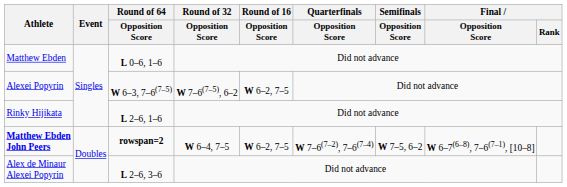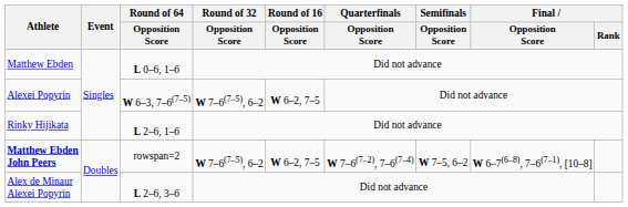 <table class=wikitable style=font-size:90%;text-align:center>
 <tr>
 <th rowspan=2>Athlete</th>
 <th rowspan=2>Event</th>
 <th>Round of 64</th>
 <th>Round of 32</th>
 <th>Round of 16</th>
 <th>Quarterfinals</th>
 <th>Semifinals</th>
 <th colspan=2>Final / </th>
 </tr>
 <tr style=font-size:95%>
 <th>Opposition<br>Score</th>
 <th>Opposition<br>Score</th>
 <th>Opposition<br>Score</th>
 <th>Opposition<br>Score</th>
 <th>Opposition<br>Score</th>
 <th>Opposition<br>Score</th>
 <th>Rank</th>
 </tr>
 <tr>
 <td align=left><a href='#'>Matthew Ebden</a></td>
 <td align=left rowspan=3><a href='#'>Singles</a></td>
 <td><br><strong>L</strong> 0–6, 1–6</td>
 <td colspan=6>Did not advance</td>
 </tr>
 <tr>
 <td align=left><a href='#'>Alexei Popyrin</a></td>
 <td><br><strong>W</strong> 6–3, 7–6<sup>(7–5)</sup></td>
 <td><br><strong>W</strong> 7–6<sup>(7–5)</sup>, 6–2</td>
 <td><br><strong>W</strong> 6–2, 7–5</td>
 <td colspan=4>Did not advance</td>
 </tr>
 <tr>
 <td align=left><a href='#'>Rinky Hijikata</a></td>
 <td><br><strong>L</strong> 2–6, 1–6</td>
 <td colspan=6>Did not advance</td>
 </tr>
 <tr>
 <td align=left><strong><a href='#'>Matthew Ebden</a><br><a href='#'>John Peers</a></strong></td>
 <td rowspan=2 align=left><a href='#'>Doubles</a></td>
-<td><strong>rowspan=2 </strong></td>
-<td><br><strong>W</strong> 6–4, 7–5</td>
+<td>rowspan=2 </td>
+<td><br><strong>W</strong> 7–6<sup>(7–5)</sup>, 6–2</td>
 <td><br><strong>W</strong> 6–2, 7–5</td>
 <td><br><strong>W</strong> 7–6<sup>(7–2)</sup>, 7–6<sup>(7–4)</sup></td>
 <td><br><strong>W</strong> 7–5, 6–2</td>
 <td><br><strong>W</strong> 6–7<sup>(6–8)</sup>, 7–6<sup>(7–1)</sup>, [10–8]</td>
 <td></td>
 </tr>
 <tr>
 <td align=left><a href='#'>Alex de Minaur</a><br><a href='#'>Alexei Popyrin</a></td>
 <td><br><strong>L</strong> 2–6, 3–6</td>
 <td colspan=5>Did not advance</td>
 </tr>
 </table>
